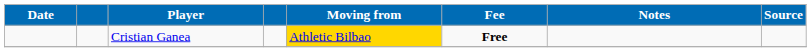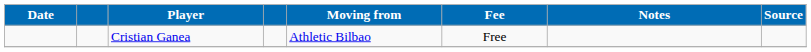 <table class="wikitable sortable">
 <tr>
 <th style="width:80px; background:#006cb5; color: white;">Date</th>
 <th style="width:30px; background:#006cb5; color: white;"></th>
 <th style="width:180px; background:#006cb5; color: white;">Player</th>
 <th style="width:20px; background:#006cb5; color: white;"></th>
 <th style="width:180px; background:#006cb5; color: white;">Moving from</th>
 <th style="width:120px; background:#006cb5; color: white;" class="unsortable">Fee</th>
 <th style="width:250px; background:#006cb5; color: white;" class="unsortable">Notes</th>
 <th style="width:20px; background:#006cb5; color: white;">Source</th>
 </tr>
 <tr>
 <td></td>
 <td align=center></td>
 <td> <a href='#'>Cristian Ganea</a></td>
 <td align=center></td>
-<td style="background: gold;"> <a href='#'>Athletic Bilbao</a></td>
-<td align=center><strong>Free</strong></td>
+<td> <a href='#'>Athletic Bilbao</a></td>
+<td align=center>Free</td>
 <td align=center></td>
 <td></td>
 </tr>
 <tr>
 </tr>
 </table>
